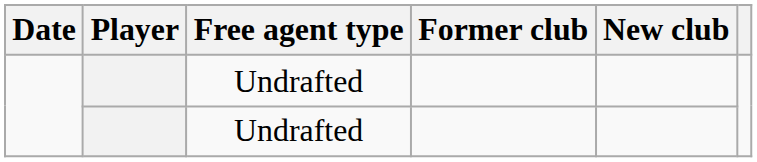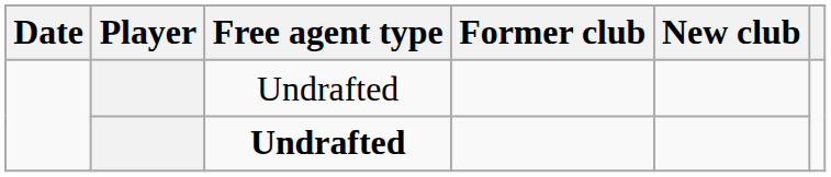 <table class="wikitable sortable plainrowheaders" style="text-align:center;">
 <tr>
 <th scope="col">Date</th>
 <th scope="col">Player</th>
 <th scope="col">Free agent type</th>
 <th scope="col">Former club</th>
 <th scope="col">New club</th>
 <th class="unsortable"></th>
 </tr>
 <tr>
 <td rowspan=2></td>
 <th scope="row"></th>
 <td>Undrafted</td>
 <td></td>
 <td></td>
 <td rowspan=2></td>
 </tr>
 <tr>
 <th scope="row"></th>
-<td>Undrafted</td>
+<td><strong>Undrafted</strong></td>
 <td></td>
 <td></td>
 </tr>
 </table>
